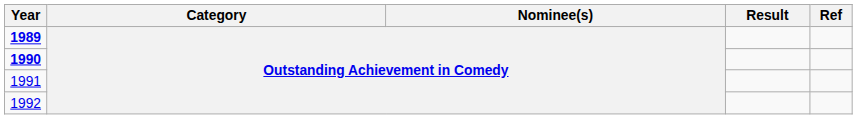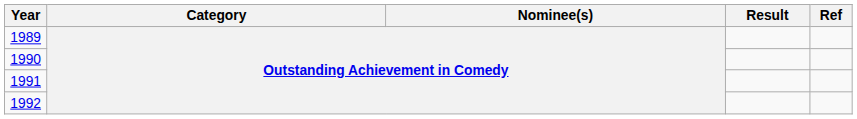 <table class="wikitable plainrowheaders" style="font-size: 90%; text-align:center" width=100%>
 <tr>
 <th scope="col" width="5%">Year</th>
 <th scope="col" width="40%">Category</th>
 <th scope="col" width="40%">Nominee(s)</th>
 <th scope="col" width="10%">Result</th>
 <th scope="col" width="5%">Ref</th>
 </tr>
 <tr>
-<td><strong><a href='#'>1989</a></strong></td>
+<td><a href='#'>1989</a></td>
 <th scope="row" style="text-align:center" rowspan="4" colspan="2"><a href='#'>Outstanding Achievement in Comedy</a></th>
 <td></td>
 <td></td>
 </tr>
 <tr>
-<td><strong><a href='#'>1990</a></strong></td>
+<td><a href='#'>1990</a></td>
 <td></td>
 <td></td>
 </tr>
 <tr>
 <td><a href='#'>1991</a></td>
 <td></td>
 <td></td>
 </tr>
 <tr>
 <td><a href='#'>1992</a></td>
 <td></td>
 <td></td>
 </tr>
 </table>
